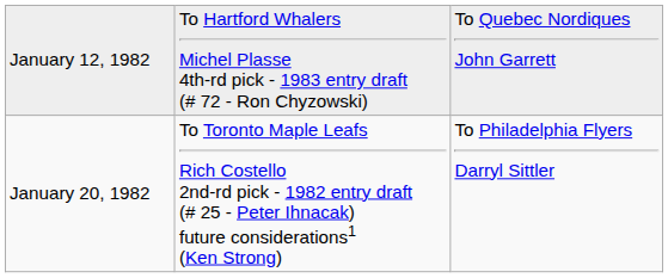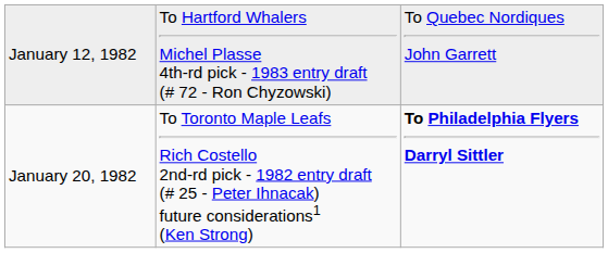 <table class="wikitable" style="border:1px solid #999; width:580px;">
 <tr style="background:#eee;">
 <td>January 12, 1982</td>
 <td valign="top">To <a href='#'>Hartford Whalers</a><hr><a href='#'>Michel Plasse</a><br>4th-rd pick - <a href='#'>1983 entry draft</a><br>(# 72 - Ron Chyzowski)</td>
 <td valign="top">To <a href='#'>Quebec Nordiques</a><hr><a href='#'>John Garrett</a></td>
 </tr>
 <tr>
 <td>January 20, 1982</td>
 <td valign="top">To <a href='#'>Toronto Maple Leafs</a><hr><a href='#'>Rich Costello</a><br>2nd-rd pick - <a href='#'>1982 entry draft</a><br>(# 25 - <a href='#'>Peter Ihnacak</a>)<br>future considerations<sup>1</sup><br>(<a href='#'>Ken Strong</a>)</td>
-<td valign="top">To <a href='#'>Philadelphia Flyers</a><hr><a href='#'>Darryl Sittler</a></td>
+<td valign="top"><strong>To <a href='#'>Philadelphia Flyers</a><hr><a href='#'>Darryl Sittler</a></strong></td>
 </tr>
 </table>
